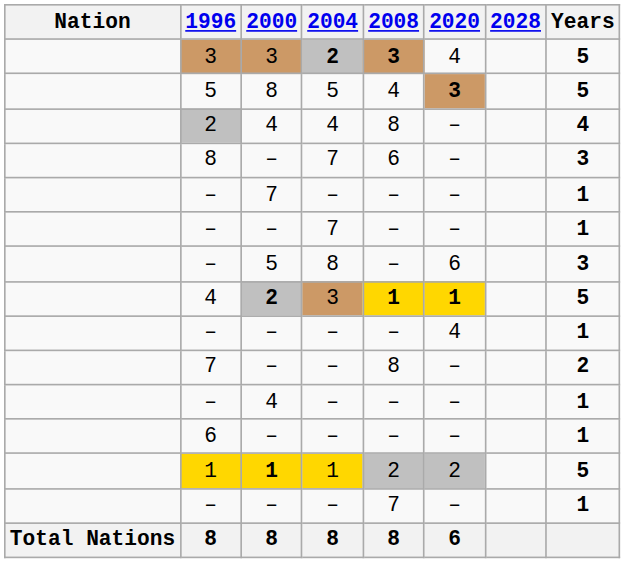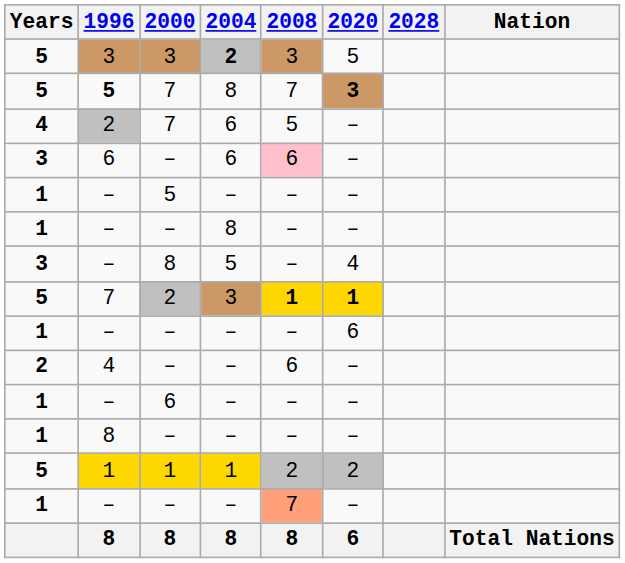 <table class="wikitable sortable" style="text-align:center">
 <tr>
-<th>Nation</th>
+<th>Years</th>
 <th><a href='#'>1996</a></th>
 <th><a href='#'>2000</a></th>
 <th><a href='#'>2004</a></th>
 <th><a href='#'>2008</a></th>
 <th><a href='#'>2020</a></th>
 <th><a href='#'>2028</a></th>
-<th>Years</th>
+<th>Nation</th>
 </tr>
 <tr>
-<td align=left></td>
+<td><strong>5</strong></td>
 <td style="background:#c96;">3</td>
 <td style="background:#c96;">3</td>
 <td style="background:silver;"><strong>2</strong></td>
-<td style="background:#c96;"><strong>3</strong></td>
-<td>4</td>
+<td style="background:#c96;">3</td>
+<td>5</td>
 <td></td>
-<td><strong>5</strong></td>
+<td align=left></td>
 </tr>
 <tr>
-<td align=left></td>
-<td>5</td>
+<td><strong>5</strong></td>
+<td><strong>5</strong></td>
+<td>7</td>
 <td>8</td>
-<td>5</td>
-<td>4</td>
+<td>7</td>
 <td style="background:#c96;"><strong>3</strong></td>
 <td></td>
-<td><strong>5</strong></td>
+<td align=left></td>
 </tr>
 <tr>
-<td align=left></td>
+<td><strong>4</strong></td>
 <td bgcolor=silver>2</td>
-<td>4</td>
-<td>4</td>
-<td>8</td>
+<td>7</td>
+<td>6</td>
+<td>5</td>
 <td>–</td>
 <td></td>
-<td><strong>4</strong></td>
+<td align=left></td>
 </tr>
 <tr>
-<td align=left></td>
-<td>8</td>
-<td>–</td>
-<td>7</td>
+<td><strong>3</strong></td>
 <td>6</td>
 <td>–</td>
+<td>6</td>
+<td style="background: pink;">6</td>
+<td>–</td>
 <td></td>
-<td><strong>3</strong></td>
+<td align=left></td>
 </tr>
 <tr>
-<td align=left></td>
+<td><strong>1</strong></td>
 <td>–</td>
-<td>7</td>
+<td>5</td>
 <td>–</td>
 <td>–</td>
 <td>–</td>
 <td></td>
-<td><strong>1</strong></td>
+<td align=left></td>
 </tr>
 <tr>
-<td align=left></td>
+<td><strong>1</strong></td>
 <td>–</td>
 <td>–</td>
-<td>7</td>
+<td>8</td>
 <td>–</td>
 <td>–</td>
 <td></td>
-<td><strong>1</strong></td>
+<td align=left></td>
 </tr>
 <tr>
+<td><strong>3</strong></td>
+<td>–</td>
+<td>8</td>
+<td>5</td>
+<td>–</td>
+<td>4</td>
+<td></td>
 <td align=left></td>
-<td>–</td>
-<td>5</td>
-<td>8</td>
-<td>–</td>
-<td>6</td>
-<td></td>
-<td><strong>3</strong></td>
 </tr>
 <tr>
-<td align=left></td>
-<td>4</td>
-<td bgcolor=silver><strong>2</strong></td>
+<td><strong>5</strong></td>
+<td>7</td>
+<td bgcolor=silver>2</td>
 <td style="background:#c96;">3</td>
 <td bgcolor=gold><strong>1</strong></td>
 <td bgcolor=gold><strong>1</strong></td>
 <td></td>
-<td><strong>5</strong></td>
+<td align=left></td>
 </tr>
 <tr>
-<td align=left></td>
+<td><strong>1</strong></td>
 <td>–</td>
 <td>–</td>
 <td>–</td>
 <td>–</td>
-<td>4</td>
+<td>6</td>
 <td></td>
-<td><strong>1</strong></td>
+<td align=left></td>
 </tr>
 <tr>
-<td align=left></td>
-<td>7</td>
+<td><strong>2</strong></td>
+<td>4</td>
 <td>–</td>
 <td>–</td>
-<td>8</td>
+<td>6</td>
 <td>–</td>
 <td></td>
-<td><strong>2</strong></td>
+<td align=left></td>
 </tr>
 <tr>
-<td align=left></td>
+<td><strong>1</strong></td>
 <td>–</td>
-<td>4</td>
+<td>6</td>
 <td>–</td>
 <td>–</td>
 <td>–</td>
 <td></td>
-<td><strong>1</strong></td>
+<td align=left></td>
 </tr>
 <tr>
-<td align=left></td>
-<td>6</td>
+<td><strong>1</strong></td>
+<td>8</td>
 <td>–</td>
 <td>–</td>
 <td>–</td>
 <td>–</td>
 <td></td>
-<td><strong>1</strong></td>
+<td align=left></td>
 </tr>
 <tr>
-<td align=left></td>
+<td><strong>5</strong></td>
 <td bgcolor=gold>1</td>
-<td bgcolor=gold><strong>1</strong></td>
+<td bgcolor=gold>1</td>
 <td bgcolor=gold>1</td>
 <td bgcolor=silver>2</td>
 <td bgcolor=silver>2</td>
 <td></td>
-<td><strong>5</strong></td>
+<td align=left></td>
 </tr>
 <tr>
-<td align=left></td>
+<td><strong>1</strong></td>
 <td>–</td>
 <td>–</td>
 <td>–</td>
-<td>7</td>
+<td style="background: lightsalmon;">7</td>
 <td>–</td>
 <td></td>
-<td><strong>1</strong></td>
+<td align=left></td>
 </tr>
 <tr>
-<th>Total Nations</th>
+<th></th>
 <th>8</th>
 <th>8</th>
 <th>8</th>
 <th>8</th>
 <th>6</th>
 <th></th>
-<th></th>
+<th>Total Nations</th>
 </tr>
 </table>
